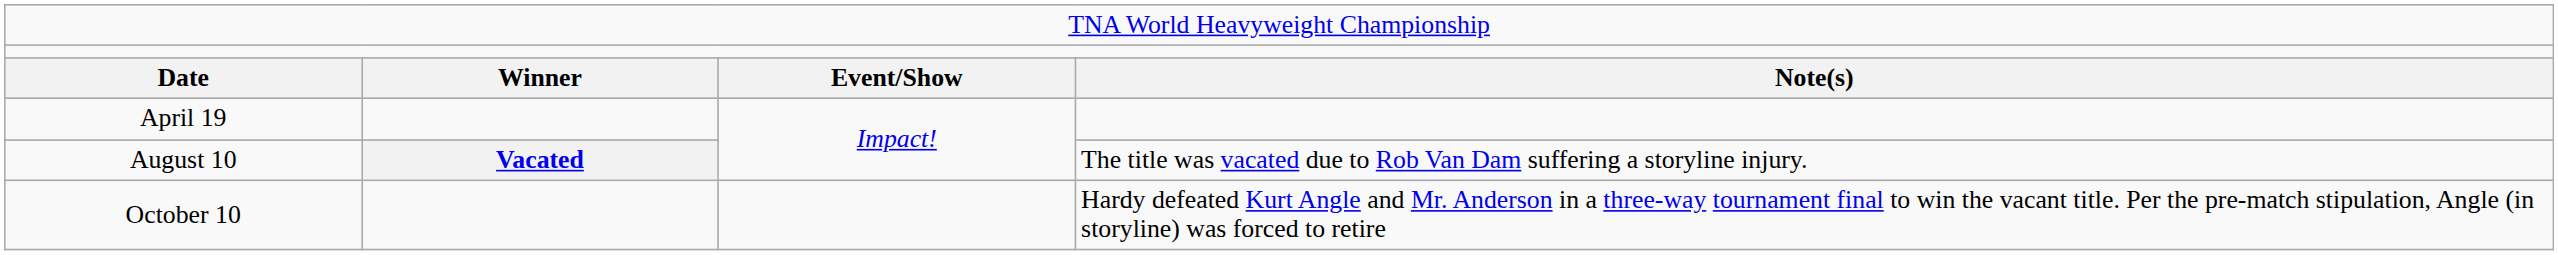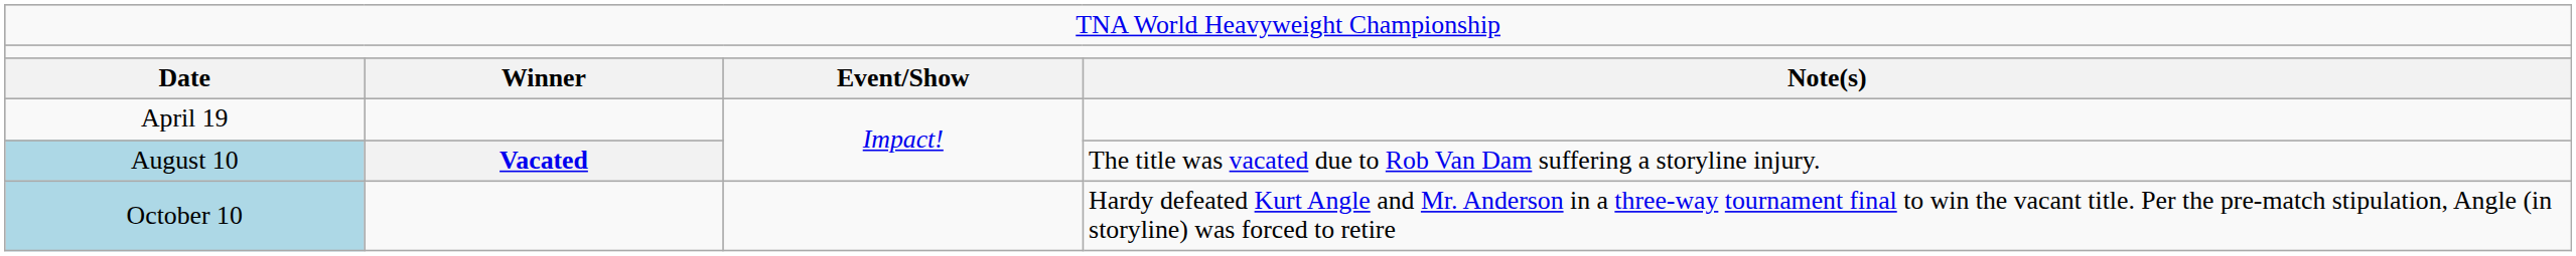 <table class="wikitable" style="text-align:center; width:100%;">
 <tr>
 <td colspan="5"><a href='#'>TNA World Heavyweight Championship</a></td>
 </tr>
 <tr>
 <td colspan="5"><strong></strong></td>
 </tr>
 <tr>
 <th style="width:14%;">Date</th>
 <th style="width:14%;">Winner</th>
 <th style="width:14%;">Event/Show</th>
 <th style="width:58%;">Note(s)</th>
 </tr>
 <tr>
 <td>April 19</td>
 <td></td>
 <td rowspan=2><em><a href='#'>Impact!</a></em></td>
 <td style="text-align:left;"></td>
 </tr>
 <tr>
-<td>August 10<br></td>
+<td style="background: lightblue;">August 10<br></td>
 <th><a href='#'>Vacated</a></th>
 <td style="text-align:left;">The title was <a href='#'>vacated</a> due to <a href='#'>Rob Van Dam</a> suffering a storyline injury.</td>
 </tr>
 <tr>
-<td>October 10</td>
+<td style="background: lightblue;">October 10</td>
 <td></td>
 <td></td>
 <td style="text-align:left;">Hardy defeated <a href='#'>Kurt Angle</a> and <a href='#'>Mr. Anderson</a> in a <a href='#'>three-way</a> <a href='#'>tournament final</a> to win the vacant title. Per the pre-match stipulation, Angle (in storyline) was forced to retire</td>
 </tr>
 </table>
